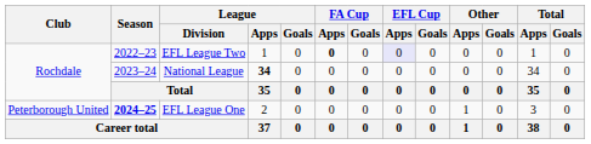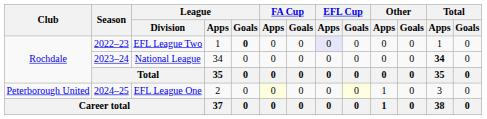 <table class="wikitable" style="text-align:center;">
 <tr>
 <th rowspan="2">Club</th>
 <th rowspan="2">Season</th>
 <th colspan="3">League</th>
 <th colspan="2"><a href='#'>FA Cup</a></th>
 <th colspan="2"><a href='#'>EFL Cup</a></th>
 <th colspan="2">Other</th>
 <th colspan="2">Total</th>
 </tr>
 <tr>
 <th>Division</th>
 <th>Apps</th>
 <th>Goals</th>
 <th>Apps</th>
 <th>Goals</th>
 <th>Apps</th>
 <th>Goals</th>
 <th>Apps</th>
 <th>Goals</th>
 <th>Apps</th>
 <th>Goals</th>
 </tr>
 <tr>
 <td rowspan=3><a href='#'>Rochdale</a></td>
 <td><a href='#'>2022–23</a></td>
 <td><a href='#'>EFL League Two</a></td>
 <td>1</td>
+<td><strong>0</strong></td>
 <td>0</td>
-<td><strong>0</strong></td>
 <td>0</td>
 <td style="background: lavender;">0</td>
 <td>0</td>
 <td>0</td>
 <td>0</td>
 <td>1</td>
 <td>0</td>
 </tr>
 <tr>
 <td><a href='#'>2023–24</a></td>
 <td><a href='#'>National League</a></td>
-<td><strong>34</strong></td>
+<td>34</td>
 <td>0</td>
 <td>0</td>
 <td>0</td>
 <td>0</td>
 <td>0</td>
 <td>0</td>
 <td>0</td>
-<td>34</td>
+<td><strong>34</strong></td>
 <td>0</td>
 </tr>
 <tr>
 <th colspan=2>Total</th>
 <th>35</th>
 <th>0</th>
 <th>0</th>
 <th>0</th>
 <th>0</th>
 <th>0</th>
 <th>0</th>
 <th>0</th>
 <th>35</th>
 <th>0</th>
 </tr>
 <tr>
 <td><a href='#'>Peterborough United</a></td>
-<td><strong><a href='#'>2024–25</a></strong></td>
+<td><a href='#'>2024–25</a></td>
 <td><a href='#'>EFL League One</a></td>
 <td>2</td>
 <td>0</td>
+<td style="background: lightyellow;">0</td>
 <td>0</td>
 <td>0</td>
-<td>0</td>
-<td>0</td>
+<td style="background: lightyellow;">0</td>
 <td>1</td>
 <td>0</td>
 <td>3</td>
 <td>0</td>
 </tr>
 <tr>
 <th colspan="3">Career total</th>
 <th>37</th>
 <th>0</th>
 <th>0</th>
 <th>0</th>
 <th>0</th>
 <th>0</th>
 <th>1</th>
 <th>0</th>
 <th>38</th>
 <th>0</th>
 </tr>
 </table>
